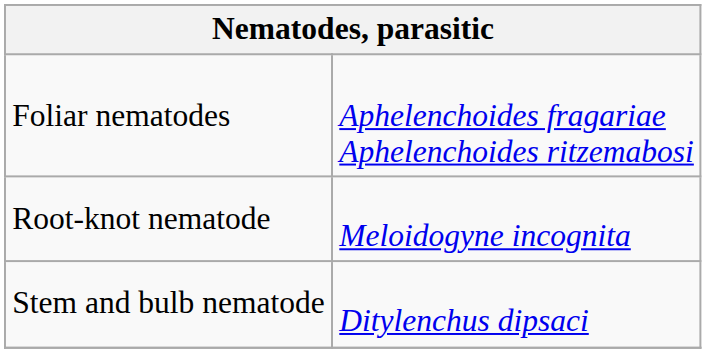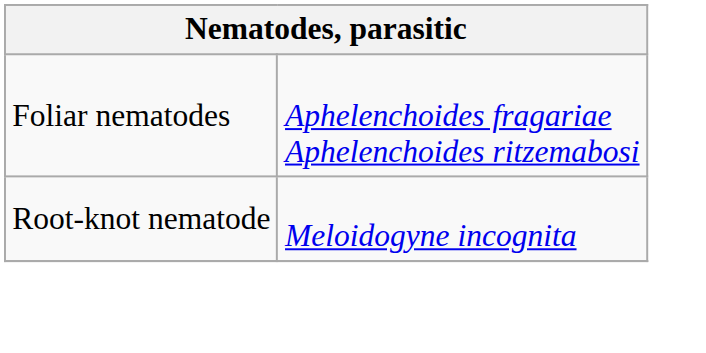 <table class="wikitable" style="clear">
 <tr>
 <th colspan=2><strong>Nematodes, parasitic</strong><br></th>
 </tr>
 <tr>
 <td>Foliar nematodes</td>
 <td><br><em><a href='#'>Aphelenchoides fragariae</a></em><br> <em><a href='#'>Aphelenchoides ritzemabosi</a></em></td>
 </tr>
 <tr>
 <td>Root-knot nematode</td>
 <td><br><em><a href='#'>Meloidogyne incognita</a></em></td>
 </tr>
 <tr>
-<td>Stem and bulb nematode</td>
-<td><br><em><a href='#'>Ditylenchus dipsaci</a></em></td>
-</tr>
-<tr>
 </tr>
 </table>
